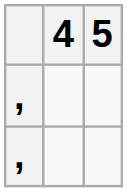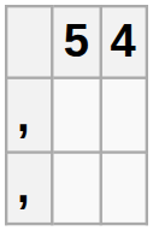 <table class="wikitable">
 <tr ---- valign="center">
 <th></th>
+<th>5</th>
 <th>4</th>
-<th>5</th>
 </tr>
 <tr ---- valign="center" align="center">
 <th>, </th>
 <td></td>
 <td></td>
 </tr>
 <tr ---- valign="center" align="center">
 <th>, </th>
 <td></td>
 <td></td>
 </tr>
 </table>
